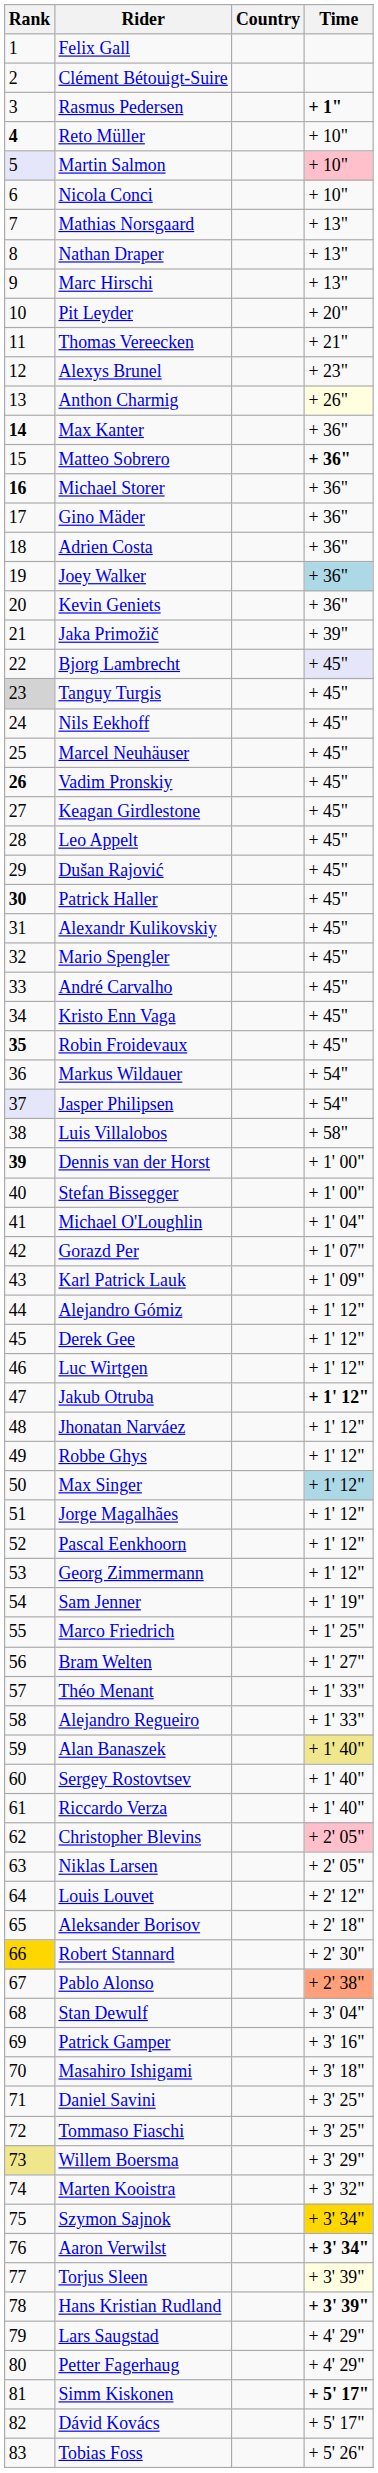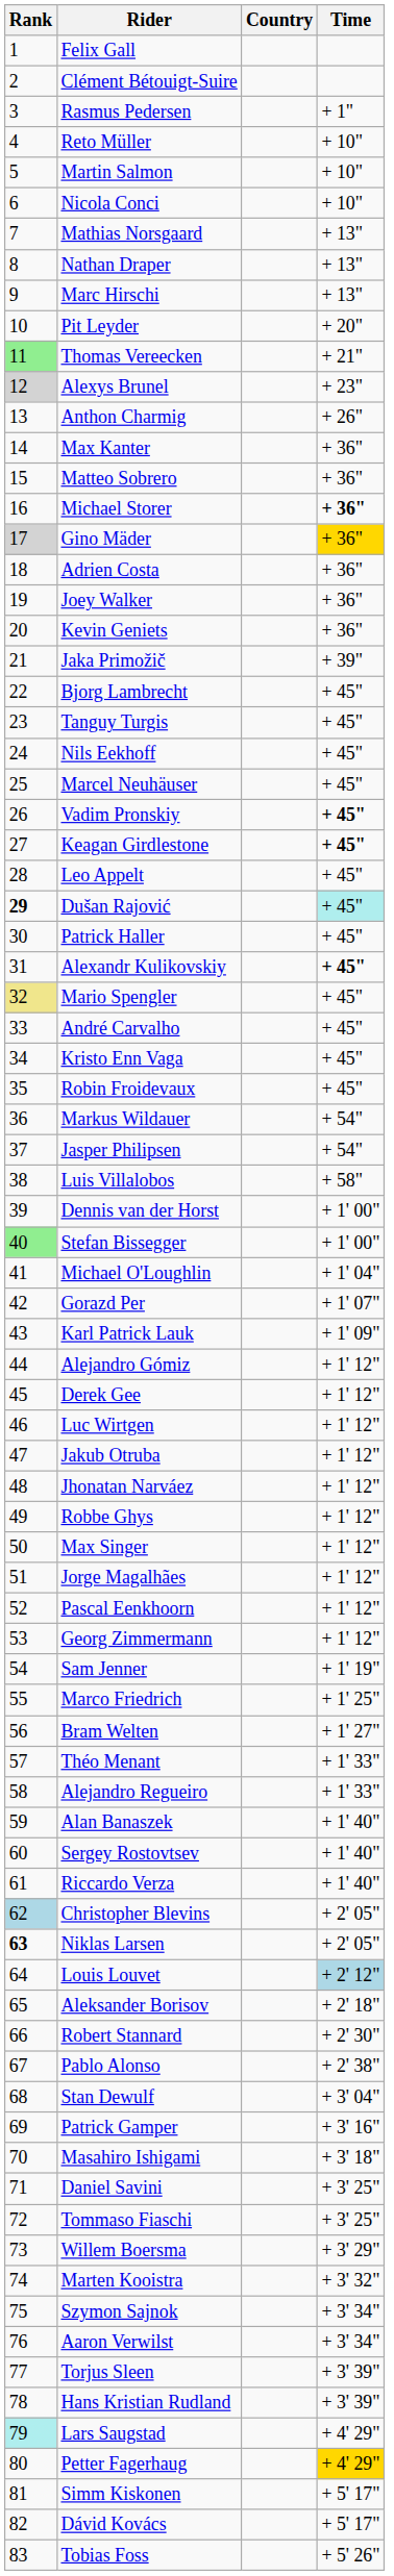 <table class="wikitable" style="font-size:95%; text-align:left;">
 <tr>
 <th>Rank</th>
 <th>Rider</th>
 <th>Country</th>
 <th>Time</th>
 </tr>
 <tr>
 <td>1</td>
 <td><a href='#'>Felix Gall</a></td>
 <td></td>
 <td></td>
 </tr>
 <tr>
 <td>2</td>
 <td><a href='#'>Clément Bétouigt-Suire</a></td>
 <td></td>
 <td></td>
 </tr>
 <tr>
 <td>3</td>
 <td><a href='#'>Rasmus Pedersen</a></td>
 <td></td>
-<td><strong>+ 1"</strong></td>
+<td>+ 1"</td>
 </tr>
 <tr>
-<td><strong>4</strong></td>
+<td>4</td>
 <td><a href='#'>Reto Müller</a></td>
 <td></td>
 <td>+ 10"</td>
 </tr>
 <tr>
-<td style="background: lavender;">5</td>
+<td>5</td>
 <td><a href='#'>Martin Salmon</a></td>
 <td></td>
-<td style="background: pink;">+ 10"</td>
+<td>+ 10"</td>
 </tr>
 <tr>
 <td>6</td>
 <td><a href='#'>Nicola Conci</a></td>
 <td></td>
 <td>+ 10"</td>
 </tr>
 <tr>
 <td>7</td>
 <td><a href='#'>Mathias Norsgaard</a></td>
 <td></td>
 <td>+ 13"</td>
 </tr>
 <tr>
 <td>8</td>
 <td><a href='#'>Nathan Draper</a></td>
 <td></td>
 <td>+ 13"</td>
 </tr>
 <tr>
 <td>9</td>
 <td><a href='#'>Marc Hirschi</a></td>
 <td></td>
 <td>+ 13"</td>
 </tr>
 <tr>
 <td>10</td>
 <td><a href='#'>Pit Leyder</a></td>
 <td></td>
 <td>+ 20"</td>
 </tr>
 <tr>
-<td>11</td>
+<td style="background: lightgreen;">11</td>
 <td><a href='#'>Thomas Vereecken</a></td>
 <td></td>
 <td>+ 21"</td>
 </tr>
 <tr>
-<td>12</td>
+<td style="background: lightgrey;">12</td>
 <td><a href='#'>Alexys Brunel</a></td>
 <td></td>
 <td>+ 23"</td>
 </tr>
 <tr>
 <td>13</td>
 <td><a href='#'>Anthon Charmig</a></td>
 <td></td>
-<td style="background: lightyellow;">+ 26"</td>
+<td>+ 26"</td>
 </tr>
 <tr>
-<td><strong>14</strong></td>
+<td>14</td>
 <td><a href='#'>Max Kanter</a></td>
 <td></td>
 <td>+ 36"</td>
 </tr>
 <tr>
 <td>15</td>
 <td><a href='#'>Matteo Sobrero</a></td>
 <td></td>
+<td>+ 36"</td>
+</tr>
+<tr>
+<td>16</td>
+<td><a href='#'>Michael Storer</a></td>
+<td></td>
 <td><strong>+ 36"</strong></td>
 </tr>
 <tr>
-<td><strong>16</strong></td>
-<td><a href='#'>Michael Storer</a></td>
-<td></td>
-<td>+ 36"</td>
-</tr>
-<tr>
-<td>17</td>
+<td style="background: lightgrey;">17</td>
 <td><a href='#'>Gino Mäder</a></td>
 <td></td>
-<td>+ 36"</td>
+<td style="background: gold;">+ 36"</td>
 </tr>
 <tr>
 <td>18</td>
 <td><a href='#'>Adrien Costa</a></td>
 <td></td>
 <td>+ 36"</td>
 </tr>
 <tr>
 <td>19</td>
 <td><a href='#'>Joey Walker</a></td>
 <td></td>
-<td style="background: lightblue;">+ 36"</td>
+<td>+ 36"</td>
 </tr>
 <tr>
 <td>20</td>
 <td><a href='#'>Kevin Geniets</a></td>
 <td></td>
 <td>+ 36"</td>
 </tr>
 <tr>
 <td>21</td>
 <td><a href='#'>Jaka Primožič</a></td>
 <td></td>
 <td>+ 39"</td>
 </tr>
 <tr>
 <td>22</td>
 <td><a href='#'>Bjorg Lambrecht</a></td>
 <td></td>
-<td style="background: lavender;">+ 45"</td>
+<td>+ 45"</td>
 </tr>
 <tr>
-<td style="background: lightgrey;">23</td>
+<td>23</td>
 <td><a href='#'>Tanguy Turgis</a></td>
 <td></td>
 <td>+ 45"</td>
 </tr>
 <tr>
 <td>24</td>
 <td><a href='#'>Nils Eekhoff</a></td>
 <td></td>
 <td>+ 45"</td>
 </tr>
 <tr>
 <td>25</td>
 <td><a href='#'>Marcel Neuhäuser</a></td>
 <td></td>
 <td>+ 45"</td>
 </tr>
 <tr>
-<td><strong>26</strong></td>
+<td>26</td>
 <td><a href='#'>Vadim Pronskiy</a></td>
 <td></td>
-<td>+ 45"</td>
+<td><strong>+ 45"</strong></td>
 </tr>
 <tr>
 <td>27</td>
 <td><a href='#'>Keagan Girdlestone</a></td>
 <td></td>
-<td>+ 45"</td>
+<td><strong>+ 45"</strong></td>
 </tr>
 <tr>
 <td>28</td>
 <td><a href='#'>Leo Appelt</a></td>
 <td></td>
 <td>+ 45"</td>
 </tr>
 <tr>
-<td>29</td>
+<td><strong>29</strong></td>
 <td><a href='#'>Dušan Rajović</a></td>
 <td></td>
-<td>+ 45"</td>
+<td style="background: paleturquoise;">+ 45"</td>
 </tr>
 <tr>
-<td><strong>30</strong></td>
+<td>30</td>
 <td><a href='#'>Patrick Haller</a></td>
 <td></td>
 <td>+ 45"</td>
 </tr>
 <tr>
 <td>31</td>
 <td><a href='#'>Alexandr Kulikovskiy</a></td>
 <td></td>
-<td>+ 45"</td>
+<td><strong>+ 45"</strong></td>
 </tr>
 <tr>
-<td>32</td>
+<td style="background: khaki;">32</td>
 <td><a href='#'>Mario Spengler</a></td>
 <td></td>
 <td>+ 45"</td>
 </tr>
 <tr>
 <td>33</td>
 <td><a href='#'>André Carvalho</a></td>
 <td></td>
 <td>+ 45"</td>
 </tr>
 <tr>
 <td>34</td>
 <td><a href='#'>Kristo Enn Vaga</a></td>
 <td></td>
 <td>+ 45"</td>
 </tr>
 <tr>
-<td><strong>35</strong></td>
+<td>35</td>
 <td><a href='#'>Robin Froidevaux</a></td>
 <td></td>
 <td>+ 45"</td>
 </tr>
 <tr>
 <td>36</td>
 <td><a href='#'>Markus Wildauer</a></td>
 <td></td>
 <td>+ 54"</td>
 </tr>
 <tr>
-<td style="background: lavender;">37</td>
+<td>37</td>
 <td><a href='#'>Jasper Philipsen</a></td>
 <td></td>
 <td>+ 54"</td>
 </tr>
 <tr>
 <td>38</td>
 <td><a href='#'>Luis Villalobos</a></td>
 <td></td>
 <td>+ 58"</td>
 </tr>
 <tr>
-<td><strong>39</strong></td>
+<td>39</td>
 <td><a href='#'>Dennis van der Horst</a></td>
 <td></td>
 <td>+ 1' 00"</td>
 </tr>
 <tr>
-<td>40</td>
+<td style="background: lightgreen;">40</td>
 <td><a href='#'>Stefan Bissegger</a></td>
 <td></td>
 <td>+ 1' 00"</td>
 </tr>
 <tr>
 <td>41</td>
 <td><a href='#'>Michael O'Loughlin</a></td>
 <td></td>
 <td>+ 1' 04"</td>
 </tr>
 <tr>
 <td>42</td>
 <td><a href='#'>Gorazd Per</a></td>
 <td></td>
 <td>+ 1' 07"</td>
 </tr>
 <tr>
 <td>43</td>
 <td><a href='#'>Karl Patrick Lauk</a></td>
 <td></td>
 <td>+ 1' 09"</td>
 </tr>
 <tr>
 <td>44</td>
 <td><a href='#'>Alejandro Gómiz</a></td>
 <td></td>
 <td>+ 1' 12"</td>
 </tr>
 <tr>
 <td>45</td>
 <td><a href='#'>Derek Gee</a></td>
 <td></td>
 <td>+ 1' 12"</td>
 </tr>
 <tr>
 <td>46</td>
 <td><a href='#'>Luc Wirtgen</a></td>
 <td></td>
 <td>+ 1' 12"</td>
 </tr>
 <tr>
 <td>47</td>
 <td><a href='#'>Jakub Otruba</a></td>
 <td></td>
-<td><strong>+ 1' 12"</strong></td>
+<td>+ 1' 12"</td>
 </tr>
 <tr>
 <td>48</td>
 <td><a href='#'>Jhonatan Narváez</a></td>
 <td></td>
 <td>+ 1' 12"</td>
 </tr>
 <tr>
 <td>49</td>
 <td><a href='#'>Robbe Ghys</a></td>
 <td></td>
 <td>+ 1' 12"</td>
 </tr>
 <tr>
 <td>50</td>
 <td><a href='#'>Max Singer</a></td>
 <td></td>
-<td style="background: lightblue;">+ 1' 12"</td>
+<td>+ 1' 12"</td>
 </tr>
 <tr>
 <td>51</td>
 <td><a href='#'>Jorge Magalhães</a></td>
 <td></td>
 <td>+ 1' 12"</td>
 </tr>
 <tr>
 <td>52</td>
 <td><a href='#'>Pascal Eenkhoorn</a></td>
 <td></td>
 <td>+ 1' 12"</td>
 </tr>
 <tr>
 <td>53</td>
 <td><a href='#'>Georg Zimmermann</a></td>
 <td></td>
 <td>+ 1' 12"</td>
 </tr>
 <tr>
 <td>54</td>
 <td><a href='#'>Sam Jenner</a></td>
 <td></td>
 <td>+ 1' 19"</td>
 </tr>
 <tr>
 <td>55</td>
 <td><a href='#'>Marco Friedrich</a></td>
 <td></td>
 <td>+ 1' 25"</td>
 </tr>
 <tr>
 <td>56</td>
 <td><a href='#'>Bram Welten</a></td>
 <td></td>
 <td>+ 1' 27"</td>
 </tr>
 <tr>
 <td>57</td>
 <td><a href='#'>Théo Menant</a></td>
 <td></td>
 <td>+ 1' 33"</td>
 </tr>
 <tr>
 <td>58</td>
 <td><a href='#'>Alejandro Regueiro</a></td>
 <td></td>
 <td>+ 1' 33"</td>
 </tr>
 <tr>
 <td>59</td>
 <td><a href='#'>Alan Banaszek</a></td>
 <td></td>
-<td style="background: khaki;">+ 1' 40"</td>
+<td>+ 1' 40"</td>
 </tr>
 <tr>
 <td>60</td>
 <td><a href='#'>Sergey Rostovtsev</a></td>
 <td></td>
 <td>+ 1' 40"</td>
 </tr>
 <tr>
 <td>61</td>
 <td><a href='#'>Riccardo Verza</a></td>
 <td></td>
 <td>+ 1' 40"</td>
 </tr>
 <tr>
-<td>62</td>
+<td style="background: lightblue;">62</td>
 <td><a href='#'>Christopher Blevins</a></td>
 <td></td>
-<td style="background: pink;">+ 2' 05"</td>
+<td>+ 2' 05"</td>
 </tr>
 <tr>
-<td>63</td>
+<td><strong>63</strong></td>
 <td><a href='#'>Niklas Larsen</a></td>
 <td></td>
 <td>+ 2' 05"</td>
 </tr>
 <tr>
 <td>64</td>
 <td><a href='#'>Louis Louvet</a></td>
 <td></td>
-<td>+ 2' 12"</td>
+<td style="background: lightblue;">+ 2' 12"</td>
 </tr>
 <tr>
 <td>65</td>
 <td><a href='#'>Aleksander Borisov</a></td>
 <td></td>
 <td>+ 2' 18"</td>
 </tr>
 <tr>
-<td style="background: gold;">66</td>
+<td>66</td>
 <td><a href='#'>Robert Stannard</a></td>
 <td></td>
 <td>+ 2' 30"</td>
 </tr>
 <tr>
 <td>67</td>
 <td><a href='#'>Pablo Alonso</a></td>
 <td></td>
-<td style="background: lightsalmon;">+ 2' 38"</td>
+<td>+ 2' 38"</td>
 </tr>
 <tr>
 <td>68</td>
 <td><a href='#'>Stan Dewulf</a></td>
 <td></td>
 <td>+ 3' 04"</td>
 </tr>
 <tr>
 <td>69</td>
 <td><a href='#'>Patrick Gamper</a></td>
 <td></td>
 <td>+ 3' 16"</td>
 </tr>
 <tr>
 <td>70</td>
 <td><a href='#'>Masahiro Ishigami</a></td>
 <td></td>
 <td>+ 3' 18"</td>
 </tr>
 <tr>
 <td>71</td>
 <td><a href='#'>Daniel Savini</a></td>
 <td></td>
 <td>+ 3' 25"</td>
 </tr>
 <tr>
 <td>72</td>
 <td><a href='#'>Tommaso Fiaschi</a></td>
 <td></td>
 <td>+ 3' 25"</td>
 </tr>
 <tr>
-<td style="background: khaki;">73</td>
+<td>73</td>
 <td><a href='#'>Willem Boersma</a></td>
 <td></td>
 <td>+ 3' 29"</td>
 </tr>
 <tr>
 <td>74</td>
 <td><a href='#'>Marten Kooistra</a></td>
 <td></td>
 <td>+ 3' 32"</td>
 </tr>
 <tr>
 <td>75</td>
 <td><a href='#'>Szymon Sajnok</a></td>
 <td></td>
-<td style="background: gold;">+ 3' 34"</td>
+<td>+ 3' 34"</td>
 </tr>
 <tr>
 <td>76</td>
 <td><a href='#'>Aaron Verwilst</a></td>
 <td></td>
-<td><strong>+ 3' 34"</strong></td>
+<td>+ 3' 34"</td>
 </tr>
 <tr>
 <td>77</td>
 <td><a href='#'>Torjus Sleen</a></td>
 <td></td>
-<td style="background: lightyellow;">+ 3' 39"</td>
+<td>+ 3' 39"</td>
 </tr>
 <tr>
 <td>78</td>
 <td><a href='#'>Hans Kristian Rudland</a></td>
 <td></td>
-<td><strong>+ 3' 39"</strong></td>
+<td>+ 3' 39"</td>
 </tr>
 <tr>
-<td>79</td>
+<td style="background: paleturquoise;">79</td>
 <td><a href='#'>Lars Saugstad</a></td>
 <td></td>
 <td>+ 4' 29"</td>
 </tr>
 <tr>
 <td>80</td>
 <td><a href='#'>Petter Fagerhaug</a></td>
 <td></td>
-<td>+ 4' 29"</td>
+<td style="background: gold;">+ 4' 29"</td>
 </tr>
 <tr>
 <td>81</td>
 <td><a href='#'>Simm Kiskonen</a></td>
 <td></td>
-<td><strong>+ 5' 17"</strong></td>
+<td>+ 5' 17"</td>
 </tr>
 <tr>
 <td>82</td>
 <td><a href='#'>Dávid Kovács</a></td>
 <td></td>
 <td>+ 5' 17"</td>
 </tr>
 <tr>
 <td>83</td>
 <td><a href='#'>Tobias Foss</a></td>
 <td></td>
 <td>+ 5' 26"</td>
 </tr>
 </table>
